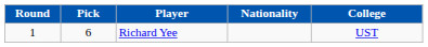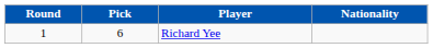 <table class="wikitable sortable sortable">
 <tr>
 <th width="10%" style="background:#0055AF; color:#FFFFFF; ">Round</th>
 <th width="10%" style="background:#0055AF; color:#FFFFFF; ">Pick</th>
 <th width="20%" style="background:#0055AF; color:#FFFFFF; ">Player</th>
 <th width="15%" style="background:#0055AF; color:#FFFFFF; ">Nationality</th>
-<th width="20%" style="background:#0055AF; color:#FFFFFF; ">College</th>
 </tr>
 <tr>
 <td align="center">1</td>
 <td align="center">6</td>
 <td><a href='#'>Richard Yee</a></td>
 <td></td>
-<td align="center"><a href='#'>UST</a></td>
 </tr>
 </table>
